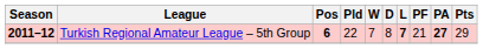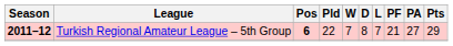 <table class="wikitable">
 <tr>
 <th>Season</th>
 <th>League</th>
 <th>Pos</th>
 <th>Pld</th>
 <th>W</th>
 <th>D</th>
 <th>L</th>
 <th>PF</th>
 <th>PA</th>
 <th>Pts</th>
 </tr>
 <tr style="background-color: #FFCCCC;">
 <td><strong>2011–12</strong></td>
 <td style="text-align:center;"><a href='#'>Turkish Regional Amateur League</a> – 5th Group</td>
 <td style="text-align:center;"><strong>6</strong></td>
 <td>22</td>
 <td>7</td>
 <td>8</td>
-<td><strong>7</strong></td>
+<td>7</td>
 <td>21</td>
-<td><strong>27</strong></td>
+<td>27</td>
 <td>29</td>
 </tr>
 <tr>
 </tr>
 </table>
